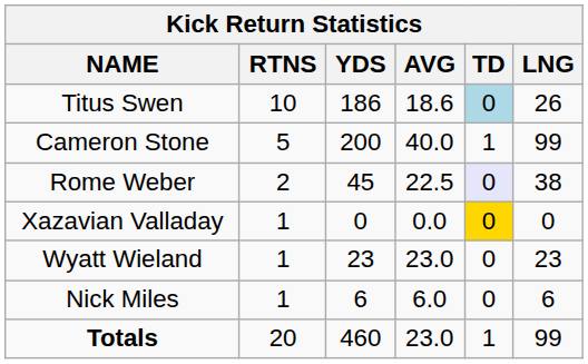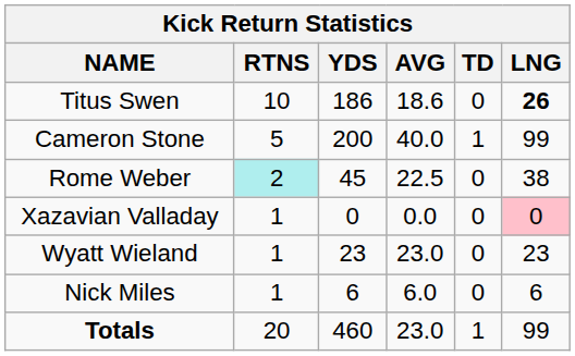 <table style="width:60%; text-align:center;" class="wikitable collapsible collapsed">
 <tr>
 <th colspan="8">Kick Return Statistics</th>
 </tr>
 <tr>
 <th>NAME</th>
 <th>RTNS</th>
 <th>YDS</th>
 <th>AVG</th>
 <th>TD</th>
 <th>LNG</th>
 </tr>
 <tr>
 <td>Titus Swen</td>
 <td>10</td>
 <td>186</td>
 <td>18.6</td>
-<td style="background: lightblue;">0</td>
-<td>26</td>
+<td>0</td>
+<td><strong>26</strong></td>
 </tr>
 <tr>
 <td>Cameron Stone</td>
 <td>5</td>
 <td>200</td>
 <td>40.0</td>
 <td>1</td>
 <td>99</td>
 </tr>
 <tr>
 <td>Rome Weber</td>
-<td>2</td>
+<td style="background: paleturquoise;">2</td>
 <td>45</td>
 <td>22.5</td>
-<td style="background: lavender;">0</td>
+<td>0</td>
 <td>38</td>
 </tr>
 <tr>
 <td>Xazavian Valladay</td>
 <td>1</td>
 <td>0</td>
 <td>0.0</td>
-<td style="background: gold;">0</td>
 <td>0</td>
+<td style="background: pink;">0</td>
 </tr>
 <tr>
 <td>Wyatt Wieland</td>
 <td>1</td>
 <td>23</td>
 <td>23.0</td>
 <td>0</td>
 <td>23</td>
 </tr>
 <tr>
 <td>Nick Miles</td>
 <td>1</td>
 <td>6</td>
 <td>6.0</td>
 <td>0</td>
 <td>6</td>
 </tr>
 <tr>
 <td><strong>Totals</strong></td>
 <td>20</td>
 <td>460</td>
 <td>23.0</td>
 <td>1</td>
 <td>99</td>
 </tr>
 </table>
